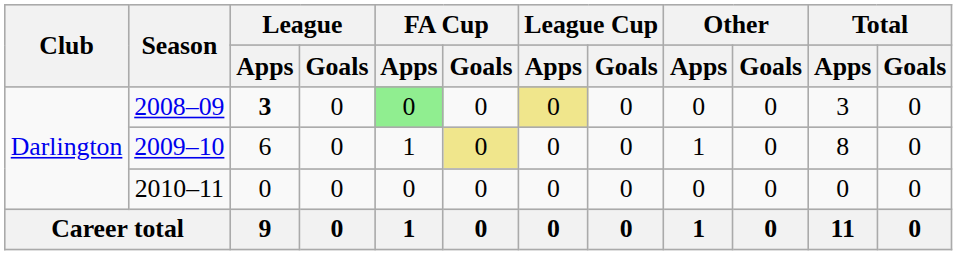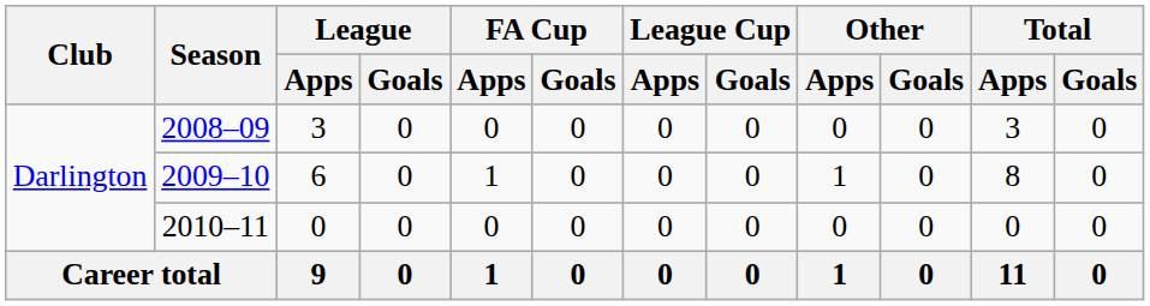 <table class="wikitable" style="text-align: center;">
 <tr>
 <th rowspan="2">Club</th>
 <th rowspan="2">Season</th>
 <th colspan="2">League</th>
 <th colspan="2">FA Cup</th>
 <th colspan="2">League Cup</th>
 <th colspan="2">Other</th>
 <th colspan="2">Total</th>
 </tr>
 <tr>
 <th>Apps</th>
 <th>Goals</th>
 <th>Apps</th>
 <th>Goals</th>
 <th>Apps</th>
 <th>Goals</th>
 <th>Apps</th>
 <th>Goals</th>
 <th>Apps</th>
 <th>Goals</th>
 </tr>
 <tr>
 <td rowspan="3" valign="center"><a href='#'>Darlington</a></td>
 <td><a href='#'>2008–09</a></td>
-<td><strong>3</strong></td>
+<td>3</td>
 <td>0</td>
-<td style="background: lightgreen;">0</td>
 <td>0</td>
-<td style="background: khaki;">0</td>
+<td>0</td>
+<td>0</td>
 <td>0</td>
 <td>0</td>
 <td>0</td>
 <td>3</td>
 <td>0</td>
 </tr>
 <tr>
 <td><a href='#'>2009–10</a></td>
 <td>6</td>
 <td>0</td>
 <td>1</td>
-<td style="background: khaki;">0</td>
+<td>0</td>
 <td>0</td>
 <td>0</td>
 <td>1</td>
 <td>0</td>
 <td>8</td>
 <td>0</td>
 </tr>
 <tr>
 <td>2010–11</td>
 <td>0</td>
 <td>0</td>
 <td>0</td>
 <td>0</td>
 <td>0</td>
 <td>0</td>
 <td>0</td>
 <td>0</td>
 <td>0</td>
 <td>0</td>
 </tr>
 <tr>
 <th colspan="2">Career total</th>
 <th>9</th>
 <th>0</th>
 <th>1</th>
 <th>0</th>
 <th>0</th>
 <th>0</th>
 <th>1</th>
 <th>0</th>
 <th>11</th>
 <th>0</th>
 </tr>
 </table>
